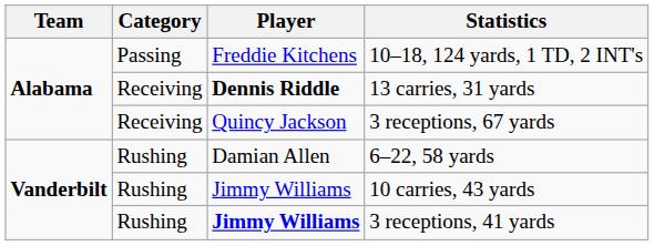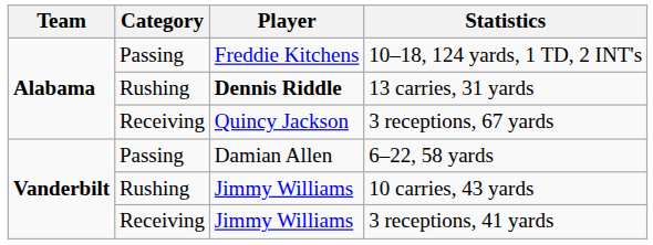 <table class="wikitable" style="float: right;">
 <tr>
 <th>Team</th>
 <th>Category</th>
 <th>Player</th>
 <th>Statistics</th>
 </tr>
 <tr>
 <td rowspan=3><strong>Alabama</strong></td>
 <td>Passing</td>
 <td><a href='#'>Freddie Kitchens</a></td>
 <td>10–18, 124 yards, 1 TD, 2 INT's</td>
 </tr>
 <tr>
-<td>Receiving</td>
+<td>Rushing</td>
 <td><strong>Dennis Riddle</strong></td>
 <td>13 carries, 31 yards</td>
 </tr>
 <tr>
 <td>Receiving</td>
 <td><a href='#'>Quincy Jackson</a></td>
 <td>3 receptions, 67 yards</td>
 </tr>
 <tr>
 <td rowspan=3><strong>Vanderbilt</strong></td>
-<td>Rushing</td>
+<td>Passing</td>
 <td>Damian Allen</td>
 <td>6–22, 58 yards</td>
 </tr>
 <tr>
 <td>Rushing</td>
 <td><a href='#'>Jimmy Williams</a></td>
 <td>10 carries, 43 yards</td>
 </tr>
 <tr>
-<td>Rushing</td>
-<td><strong><a href='#'>Jimmy Williams</a></strong></td>
+<td>Receiving</td>
+<td><a href='#'>Jimmy Williams</a></td>
 <td>3 receptions, 41 yards</td>
 </tr>
 </table>
